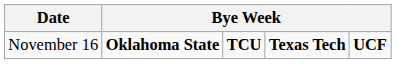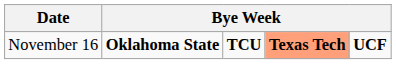 <table class="wikitable" style="font-size:95%;">
 <tr>
 <th>Date</th>
 <th colspan="4">Bye Week</th>
 </tr>
 <tr>
 <td>November 16</td>
 <td><strong>Oklahoma State</strong></td>
 <td><strong>TCU</strong></td>
-<td><strong>Texas Tech</strong></td>
+<td style="background: lightsalmon;"><strong>Texas Tech</strong></td>
 <td><strong>UCF</strong></td>
 </tr>
 </table>
